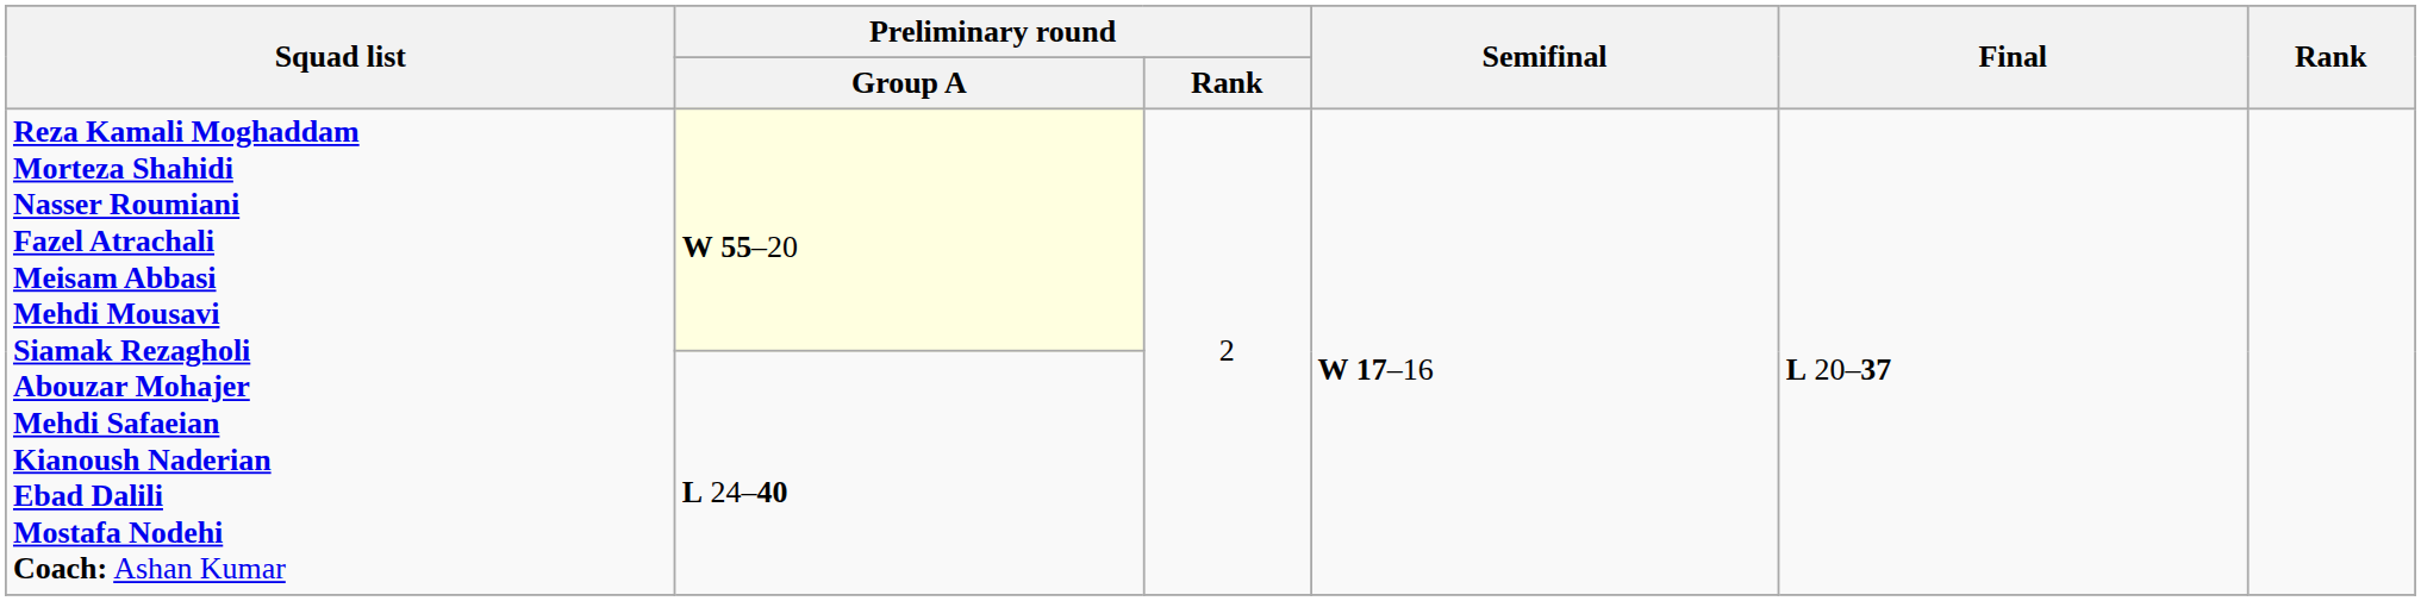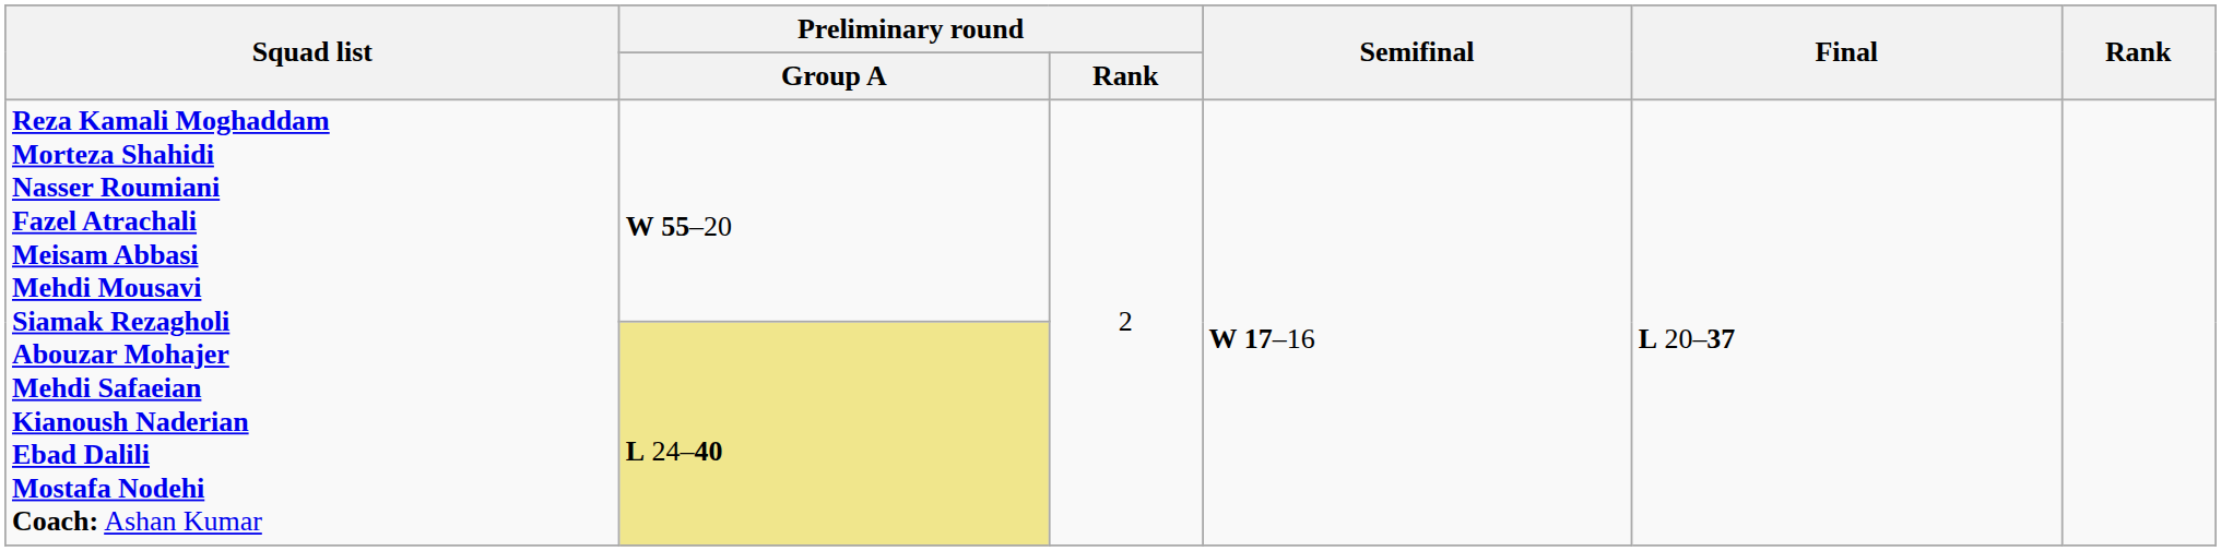 <table class="wikitable" width="71%" style="text-align:left; font-size:90%">
 <tr>
 <th rowspan="2" width="20%">Squad list</th>
 <th colspan="2">Preliminary round</th>
 <th rowspan="2" width="14%">Semifinal</th>
 <th rowspan="2" width="14%">Final</th>
 <th rowspan="2" width="5%">Rank</th>
 </tr>
 <tr>
 <th width="14%">Group A</th>
 <th width="5%">Rank</th>
 </tr>
 <tr>
 <td rowspan="2"><strong><a href='#'>Reza Kamali Moghaddam</a><br><a href='#'>Morteza Shahidi</a><br><a href='#'>Nasser Roumiani</a><br><a href='#'>Fazel Atrachali</a><br><a href='#'>Meisam Abbasi</a><br><a href='#'>Mehdi Mousavi</a><br><a href='#'>Siamak Rezagholi</a><br><a href='#'>Abouzar Mohajer</a><br><a href='#'>Mehdi Safaeian</a><br><a href='#'>Kianoush Naderian</a><br><a href='#'>Ebad Dalili</a><br><a href='#'>Mostafa Nodehi</a><br>Coach:</strong>  <a href='#'>Ashan Kumar</a></td>
-<td style="background: lightyellow;"><br><strong>W</strong> <strong>55</strong>–20</td>
+<td><br><strong>W</strong> <strong>55</strong>–20</td>
 <td rowspan="2" align=center>2 <strong></strong></td>
 <td rowspan="2"><br><strong>W</strong> <strong>17</strong>–16</td>
 <td rowspan="2"><br><strong>L</strong> 20–<strong>37</strong></td>
 <td rowspan="2" align="center"></td>
 </tr>
 <tr>
-<td><br><strong>L</strong> 24–<strong>40</strong></td>
+<td style="background: khaki;"><br><strong>L</strong> 24–<strong>40</strong></td>
 </tr>
 </table>
